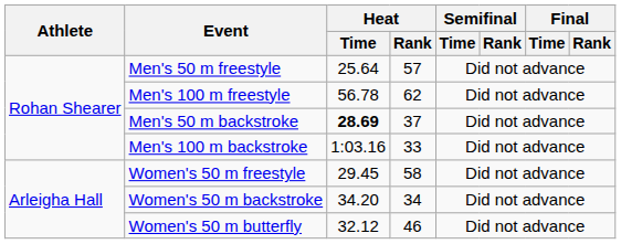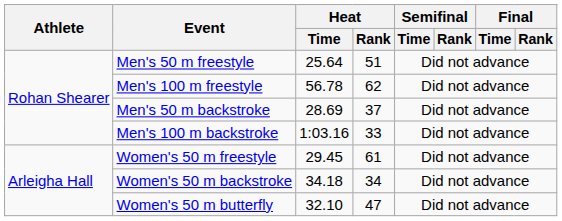 <table class=wikitable style=font-size:90%>
 <tr>
 <th rowspan=2>Athlete</th>
 <th rowspan=2>Event</th>
 <th colspan=2>Heat</th>
 <th colspan=2>Semifinal</th>
 <th colspan=2>Final</th>
 </tr>
 <tr style=font-size:95%>
 <th>Time</th>
 <th>Rank</th>
 <th>Time</th>
 <th>Rank</th>
 <th>Time</th>
 <th>Rank</th>
 </tr>
 <tr align=center>
 <td align=left rowspan=4><a href='#'>Rohan Shearer</a></td>
 <td align=left><a href='#'>Men's 50 m freestyle</a></td>
 <td>25.64</td>
-<td>57</td>
+<td>51</td>
 <td colspan=4>Did not advance</td>
 </tr>
 <tr align=center>
 <td align=left><a href='#'>Men's 100 m freestyle</a></td>
 <td>56.78</td>
 <td>62</td>
 <td colspan=4>Did not advance</td>
 </tr>
 <tr align=center>
 <td style="text-align:left;"><a href='#'>Men's 50 m backstroke</a></td>
-<td><strong>28.69</strong></td>
+<td>28.69</td>
 <td>37</td>
 <td colspan=4>Did not advance</td>
 </tr>
 <tr align=center>
 <td style="text-align:left;"><a href='#'>Men's 100 m backstroke</a></td>
 <td>1:03.16</td>
 <td>33</td>
 <td colspan=4>Did not advance</td>
 </tr>
 <tr align=center>
 <td align=left rowspan=3><a href='#'>Arleigha Hall</a></td>
 <td align=left><a href='#'>Women's 50 m freestyle</a></td>
 <td>29.45</td>
-<td>58</td>
+<td>61</td>
 <td colspan=4>Did not advance</td>
 </tr>
 <tr align=center>
 <td align=left><a href='#'>Women's 50 m backstroke</a></td>
-<td>34.20</td>
+<td>34.18</td>
 <td>34</td>
 <td colspan=4>Did not advance</td>
 </tr>
 <tr align=center>
 <td align=left><a href='#'>Women's 50 m butterfly</a></td>
-<td>32.12</td>
-<td>46</td>
+<td>32.10</td>
+<td>47</td>
 <td colspan=4>Did not advance</td>
 </tr>
 </table>
